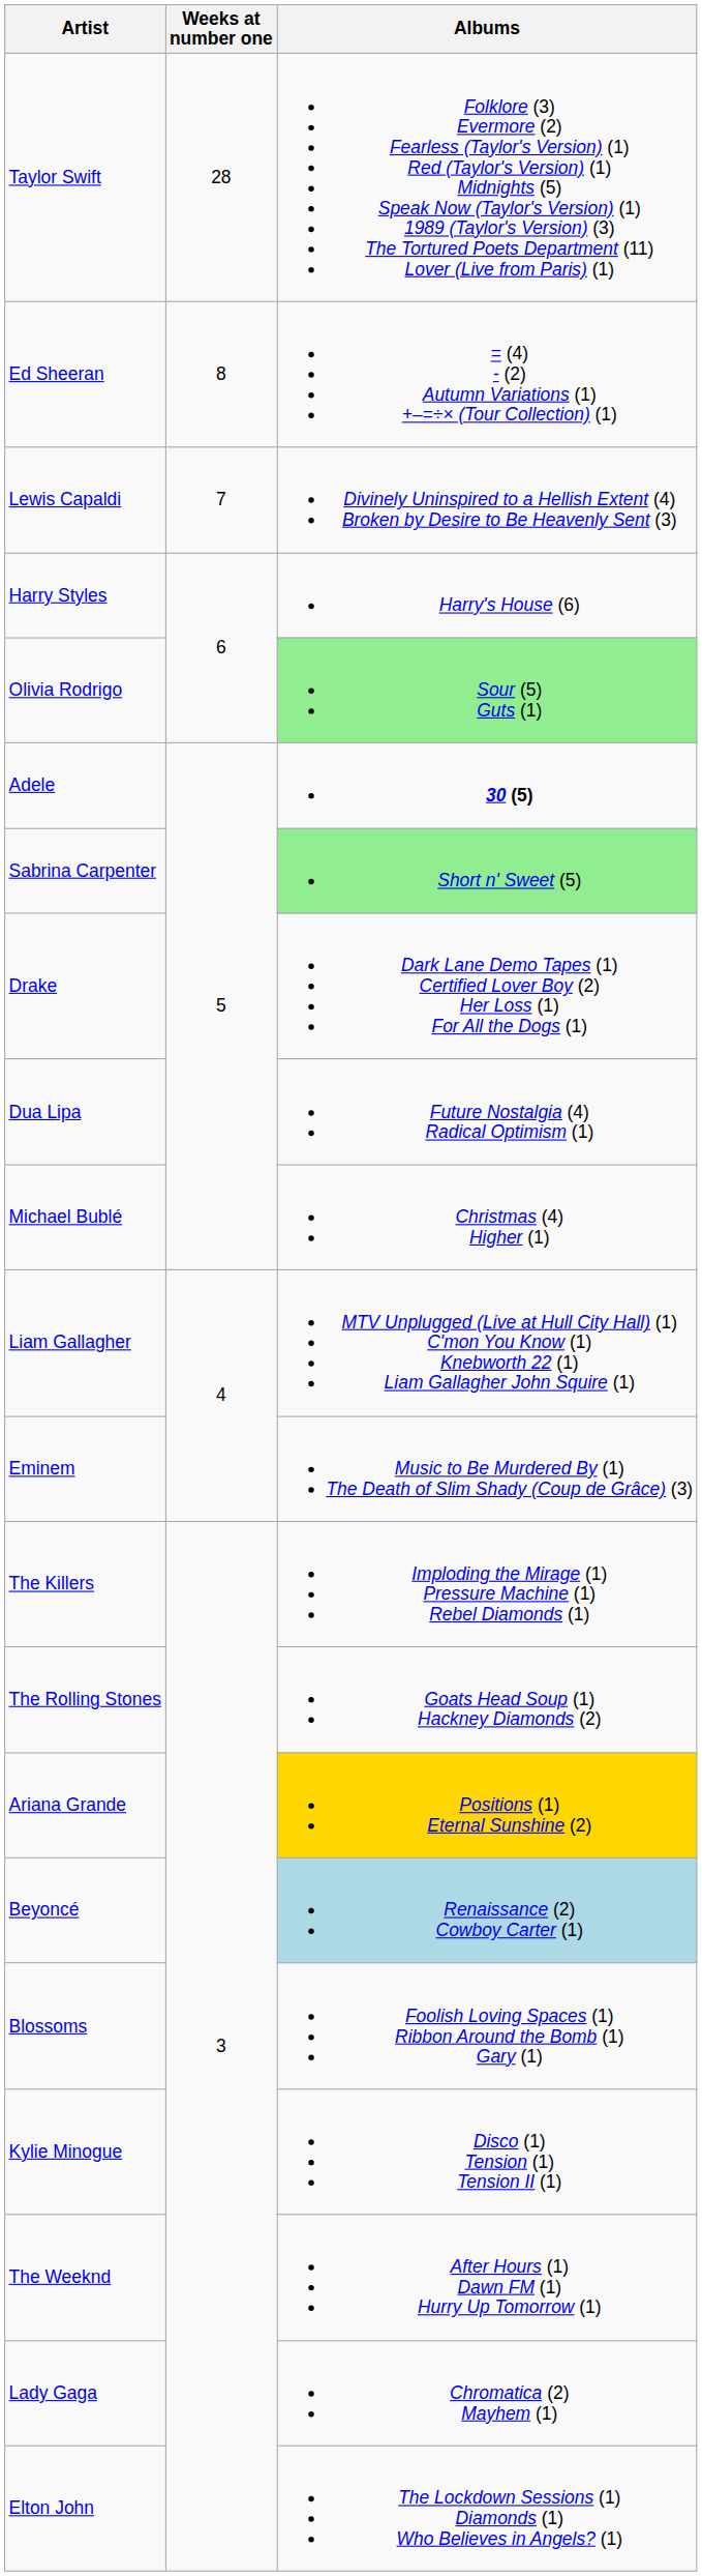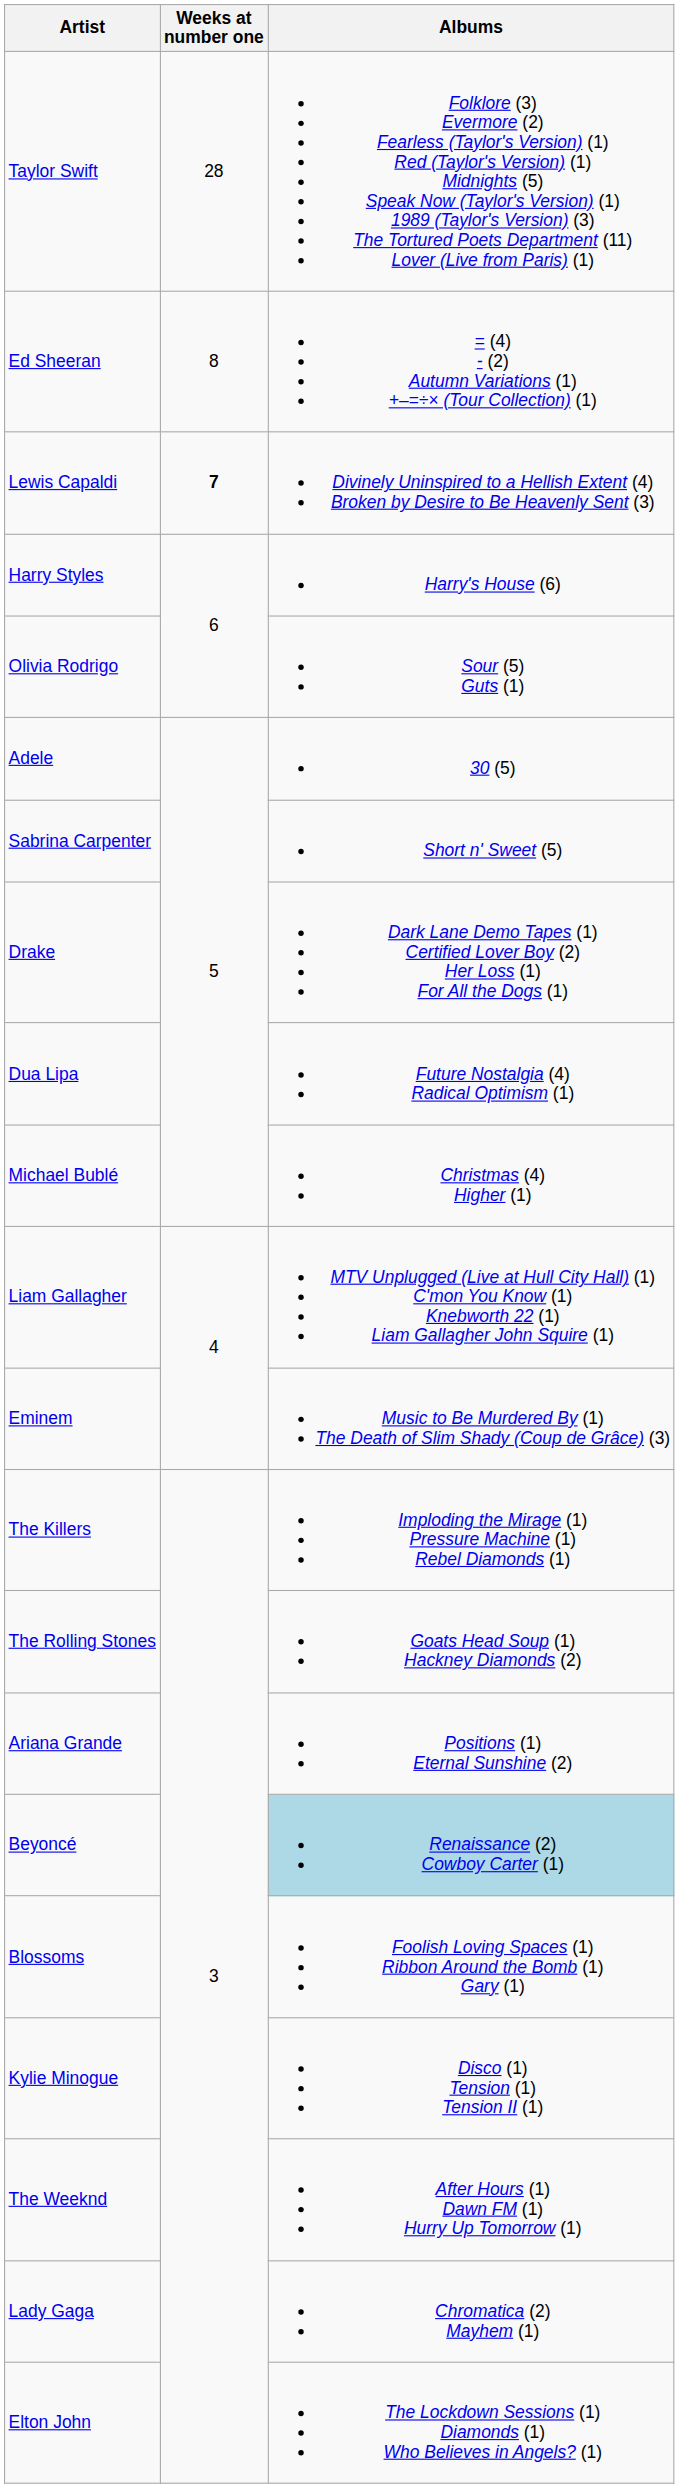 <table class="wikitable sortable" style="text-align:center;">
 <tr>
 <th scope=col>Artist</th>
 <th scope=col>Weeks at<br>number one</th>
 <th scope=col>Albums</th>
 </tr>
 <tr>
 <td align=left><a href='#'>Taylor Swift</a></td>
 <td>28</td>
 <td><br><ul><li><em><a href='#'>Folklore</a></em> (3)</li><li><em><a href='#'>Evermore</a></em> (2)</li><li><em><a href='#'>Fearless (Taylor's Version)</a></em> (1)</li><li><em><a href='#'>Red (Taylor's Version)</a></em> (1)</li><li><em><a href='#'>Midnights</a></em> (5)</li><li><em><a href='#'>Speak Now (Taylor's Version)</a></em> (1)</li><li><em><a href='#'>1989 (Taylor's Version)</a></em> (3)</li><li><em><a href='#'>The Tortured Poets Department</a></em> (11)</li><li><em><a href='#'>Lover (Live from Paris)</a></em> (1)</li></ul></td>
 </tr>
 <tr>
 <td align=left><a href='#'>Ed Sheeran</a></td>
 <td>8</td>
 <td><br><ul><li><em><a href='#'>=</a></em> (4)</li><li><em><a href='#'>-</a></em> (2)</li><li><em><a href='#'>Autumn Variations</a></em> (1)</li><li><em><a href='#'>+–=÷× (Tour Collection)</a></em> (1)</li></ul></td>
 </tr>
 <tr>
 <td align=left><a href='#'>Lewis Capaldi</a></td>
-<td>7</td>
+<td><strong>7</strong></td>
 <td><br><ul><li><em><a href='#'>Divinely Uninspired to a Hellish Extent</a></em> (4)</li><li><em><a href='#'>Broken by Desire to Be Heavenly Sent</a></em> (3)</li></ul></td>
 </tr>
 <tr>
 <td align=left><a href='#'>Harry Styles</a></td>
 <td rowspan="2">6</td>
 <td><br><ul><li><em><a href='#'>Harry's House</a></em> (6)</li></ul></td>
 </tr>
 <tr>
 <td align=left><a href='#'>Olivia Rodrigo</a></td>
-<td style="background: lightgreen;"><br><ul><li><em><a href='#'>Sour</a></em> (5)</li><li><em><a href='#'>Guts</a></em> (1)</li></ul></td>
+<td><br><ul><li><em><a href='#'>Sour</a></em> (5)</li><li><em><a href='#'>Guts</a></em> (1)</li></ul></td>
 </tr>
 <tr>
 <td align=left><a href='#'>Adele</a></td>
 <td rowspan="5">5</td>
-<td><strong><br><ul><li><em><a href='#'>30</a></em> (5)</li></ul></strong></td>
+<td><br><ul><li><em><a href='#'>30</a></em> (5)</li></ul></td>
 </tr>
 <tr>
 <td align="left"><a href='#'>Sabrina Carpenter</a></td>
-<td style="background: lightgreen;"><br><ul><li><em><a href='#'>Short n' Sweet</a></em> (5)</li></ul></td>
+<td><br><ul><li><em><a href='#'>Short n' Sweet</a></em> (5)</li></ul></td>
 </tr>
 <tr>
 <td align=left><a href='#'>Drake</a></td>
 <td><br><ul><li><em><a href='#'>Dark Lane Demo Tapes</a></em> (1)</li><li><em><a href='#'>Certified Lover Boy</a></em> (2)</li><li><em><a href='#'>Her Loss</a></em> (1)</li><li><em><a href='#'>For All the Dogs</a></em> (1)</li></ul></td>
 </tr>
 <tr>
 <td align=left><a href='#'>Dua Lipa</a></td>
 <td><br><ul><li><em><a href='#'>Future Nostalgia</a></em> (4)</li><li><em><a href='#'>Radical Optimism</a></em> (1)</li></ul></td>
 </tr>
 <tr>
 <td align=left><a href='#'>Michael Bublé</a></td>
 <td><br><ul><li><em><a href='#'>Christmas</a></em> (4)</li><li><em><a href='#'>Higher</a></em> (1)</li></ul></td>
 </tr>
 <tr>
 <td align="left"><a href='#'>Liam Gallagher</a></td>
 <td rowspan="2">4</td>
 <td><br><ul><li><em><a href='#'>MTV Unplugged (Live at Hull City Hall)</a></em> (1)</li><li><em><a href='#'>C'mon You Know</a></em> (1)</li><li><em><a href='#'>Knebworth 22</a></em> (1)</li><li><em><a href='#'>Liam Gallagher John Squire</a></em> (1)</li></ul></td>
 </tr>
 <tr>
 <td align="left"><a href='#'>Eminem</a></td>
 <td><br><ul><li><em><a href='#'>Music to Be Murdered By</a></em> (1)</li><li><em><a href='#'>The Death of Slim Shady (Coup de Grâce)</a></em> (3)</li></ul></td>
 </tr>
 <tr>
 <td align="left"><a href='#'>The Killers</a></td>
 <td rowspan="9">3</td>
 <td><br><ul><li><em><a href='#'>Imploding the Mirage</a></em> (1)</li><li><em><a href='#'>Pressure Machine</a></em> (1)</li><li><em><a href='#'>Rebel Diamonds</a></em> (1)</li></ul></td>
 </tr>
 <tr>
 <td align="left"><a href='#'>The Rolling Stones</a></td>
 <td><br><ul><li><em><a href='#'>Goats Head Soup</a></em> (1)</li><li><em><a href='#'>Hackney Diamonds</a></em> (2)</li></ul></td>
 </tr>
 <tr>
 <td align="left"><a href='#'>Ariana Grande</a></td>
-<td style="background: gold;"><br><ul><li><em><a href='#'>Positions</a></em> (1)</li><li><em><a href='#'>Eternal Sunshine</a></em> (2)</li></ul></td>
+<td><br><ul><li><em><a href='#'>Positions</a></em> (1)</li><li><em><a href='#'>Eternal Sunshine</a></em> (2)</li></ul></td>
 </tr>
 <tr>
 <td align="left"><a href='#'>Beyoncé</a></td>
 <td style="background: lightblue;"><br><ul><li><em><a href='#'>Renaissance</a></em> (2)</li><li><em><a href='#'>Cowboy Carter</a></em> (1)</li></ul></td>
 </tr>
 <tr>
 <td align="left"><a href='#'>Blossoms</a></td>
 <td><br><ul><li><em><a href='#'>Foolish Loving Spaces</a></em> (1)</li><li><em><a href='#'>Ribbon Around the Bomb</a></em> (1)</li><li><em><a href='#'>Gary</a></em> (1)</li></ul></td>
 </tr>
 <tr>
 <td align="left"><a href='#'>Kylie Minogue</a></td>
 <td><br><ul><li><em><a href='#'>Disco</a></em> (1)</li><li><em><a href='#'>Tension</a></em> (1)</li><li><em><a href='#'>Tension II</a></em> (1)</li></ul></td>
 </tr>
 <tr>
 <td align="left"><a href='#'>The Weeknd</a></td>
 <td><br><ul><li><em><a href='#'>After Hours</a></em> (1)</li><li><em><a href='#'>Dawn FM</a></em> (1)</li><li><em><a href='#'>Hurry Up Tomorrow</a></em> (1)</li></ul></td>
 </tr>
 <tr>
 <td align="left"><a href='#'>Lady Gaga</a></td>
 <td><br><ul><li><em><a href='#'>Chromatica</a></em> (2)</li><li><em><a href='#'>Mayhem</a></em> (1)</li></ul></td>
 </tr>
 <tr>
 <td align="left"><a href='#'>Elton John</a></td>
 <td><br><ul><li><em><a href='#'>The Lockdown Sessions</a></em> (1)</li><li><em><a href='#'>Diamonds</a></em> (1)</li><li><em><a href='#'>Who Believes in Angels?</a></em> (1)</li></ul></td>
 </tr>
 </table>
